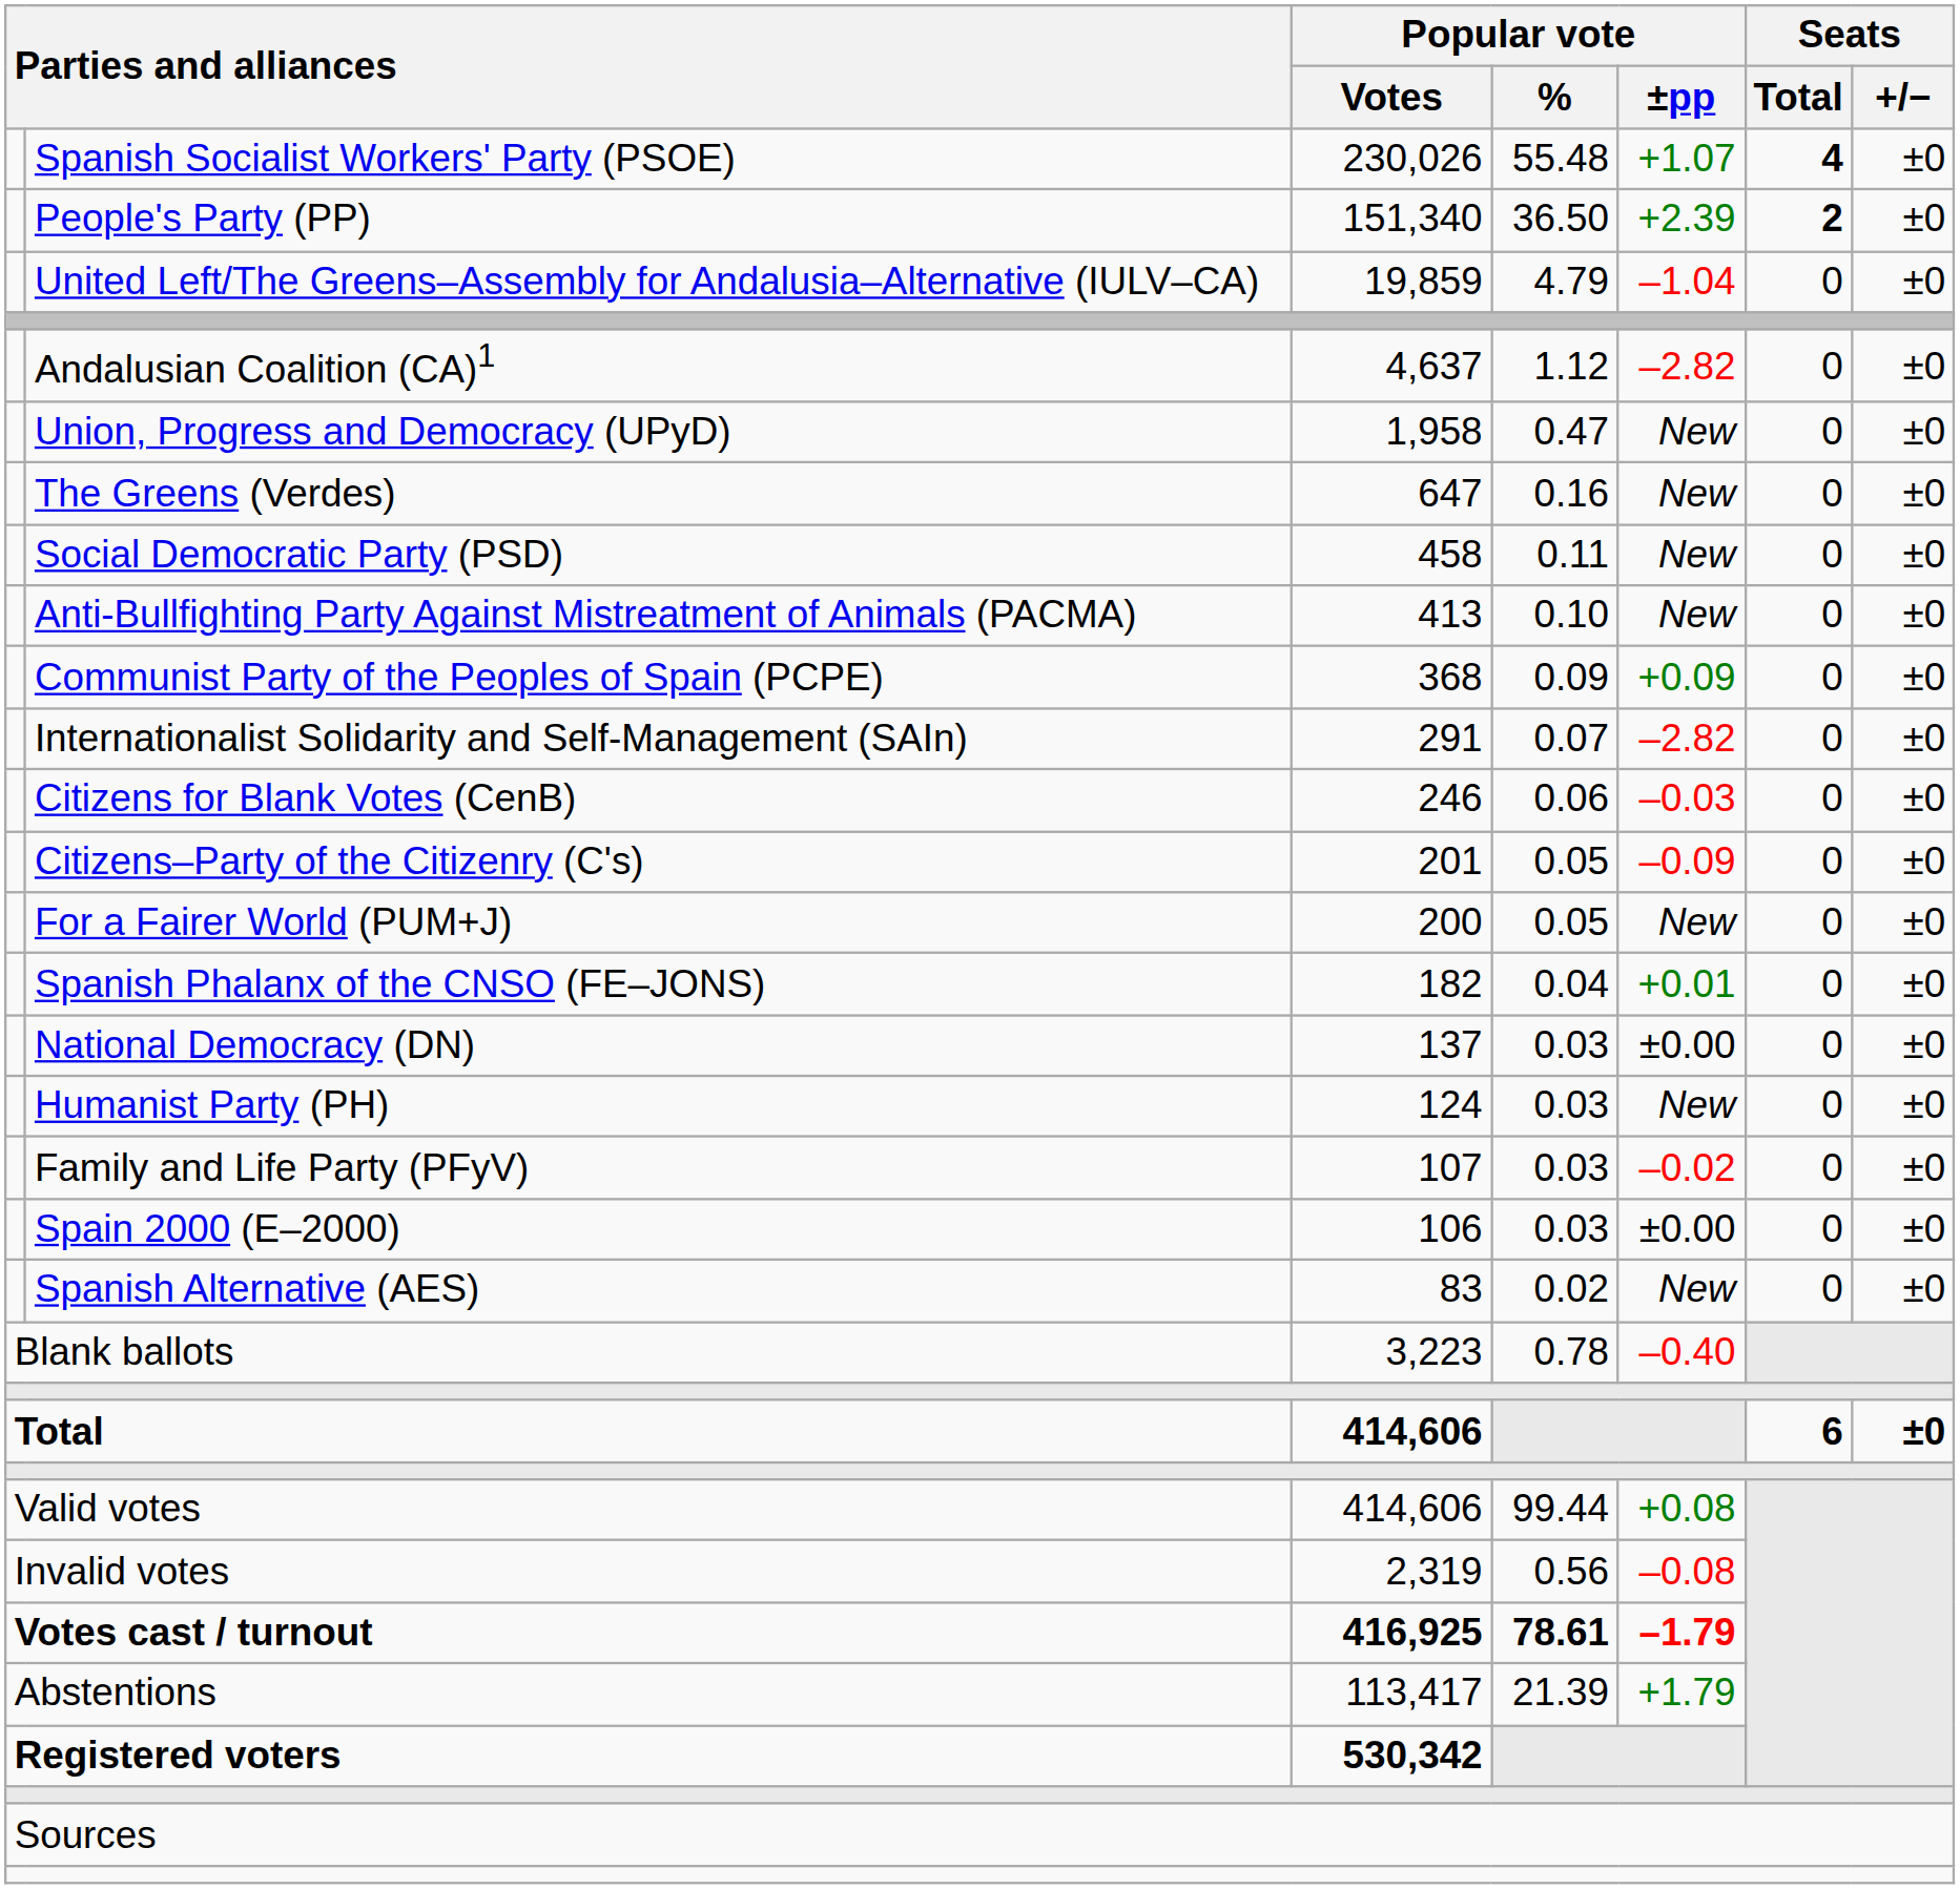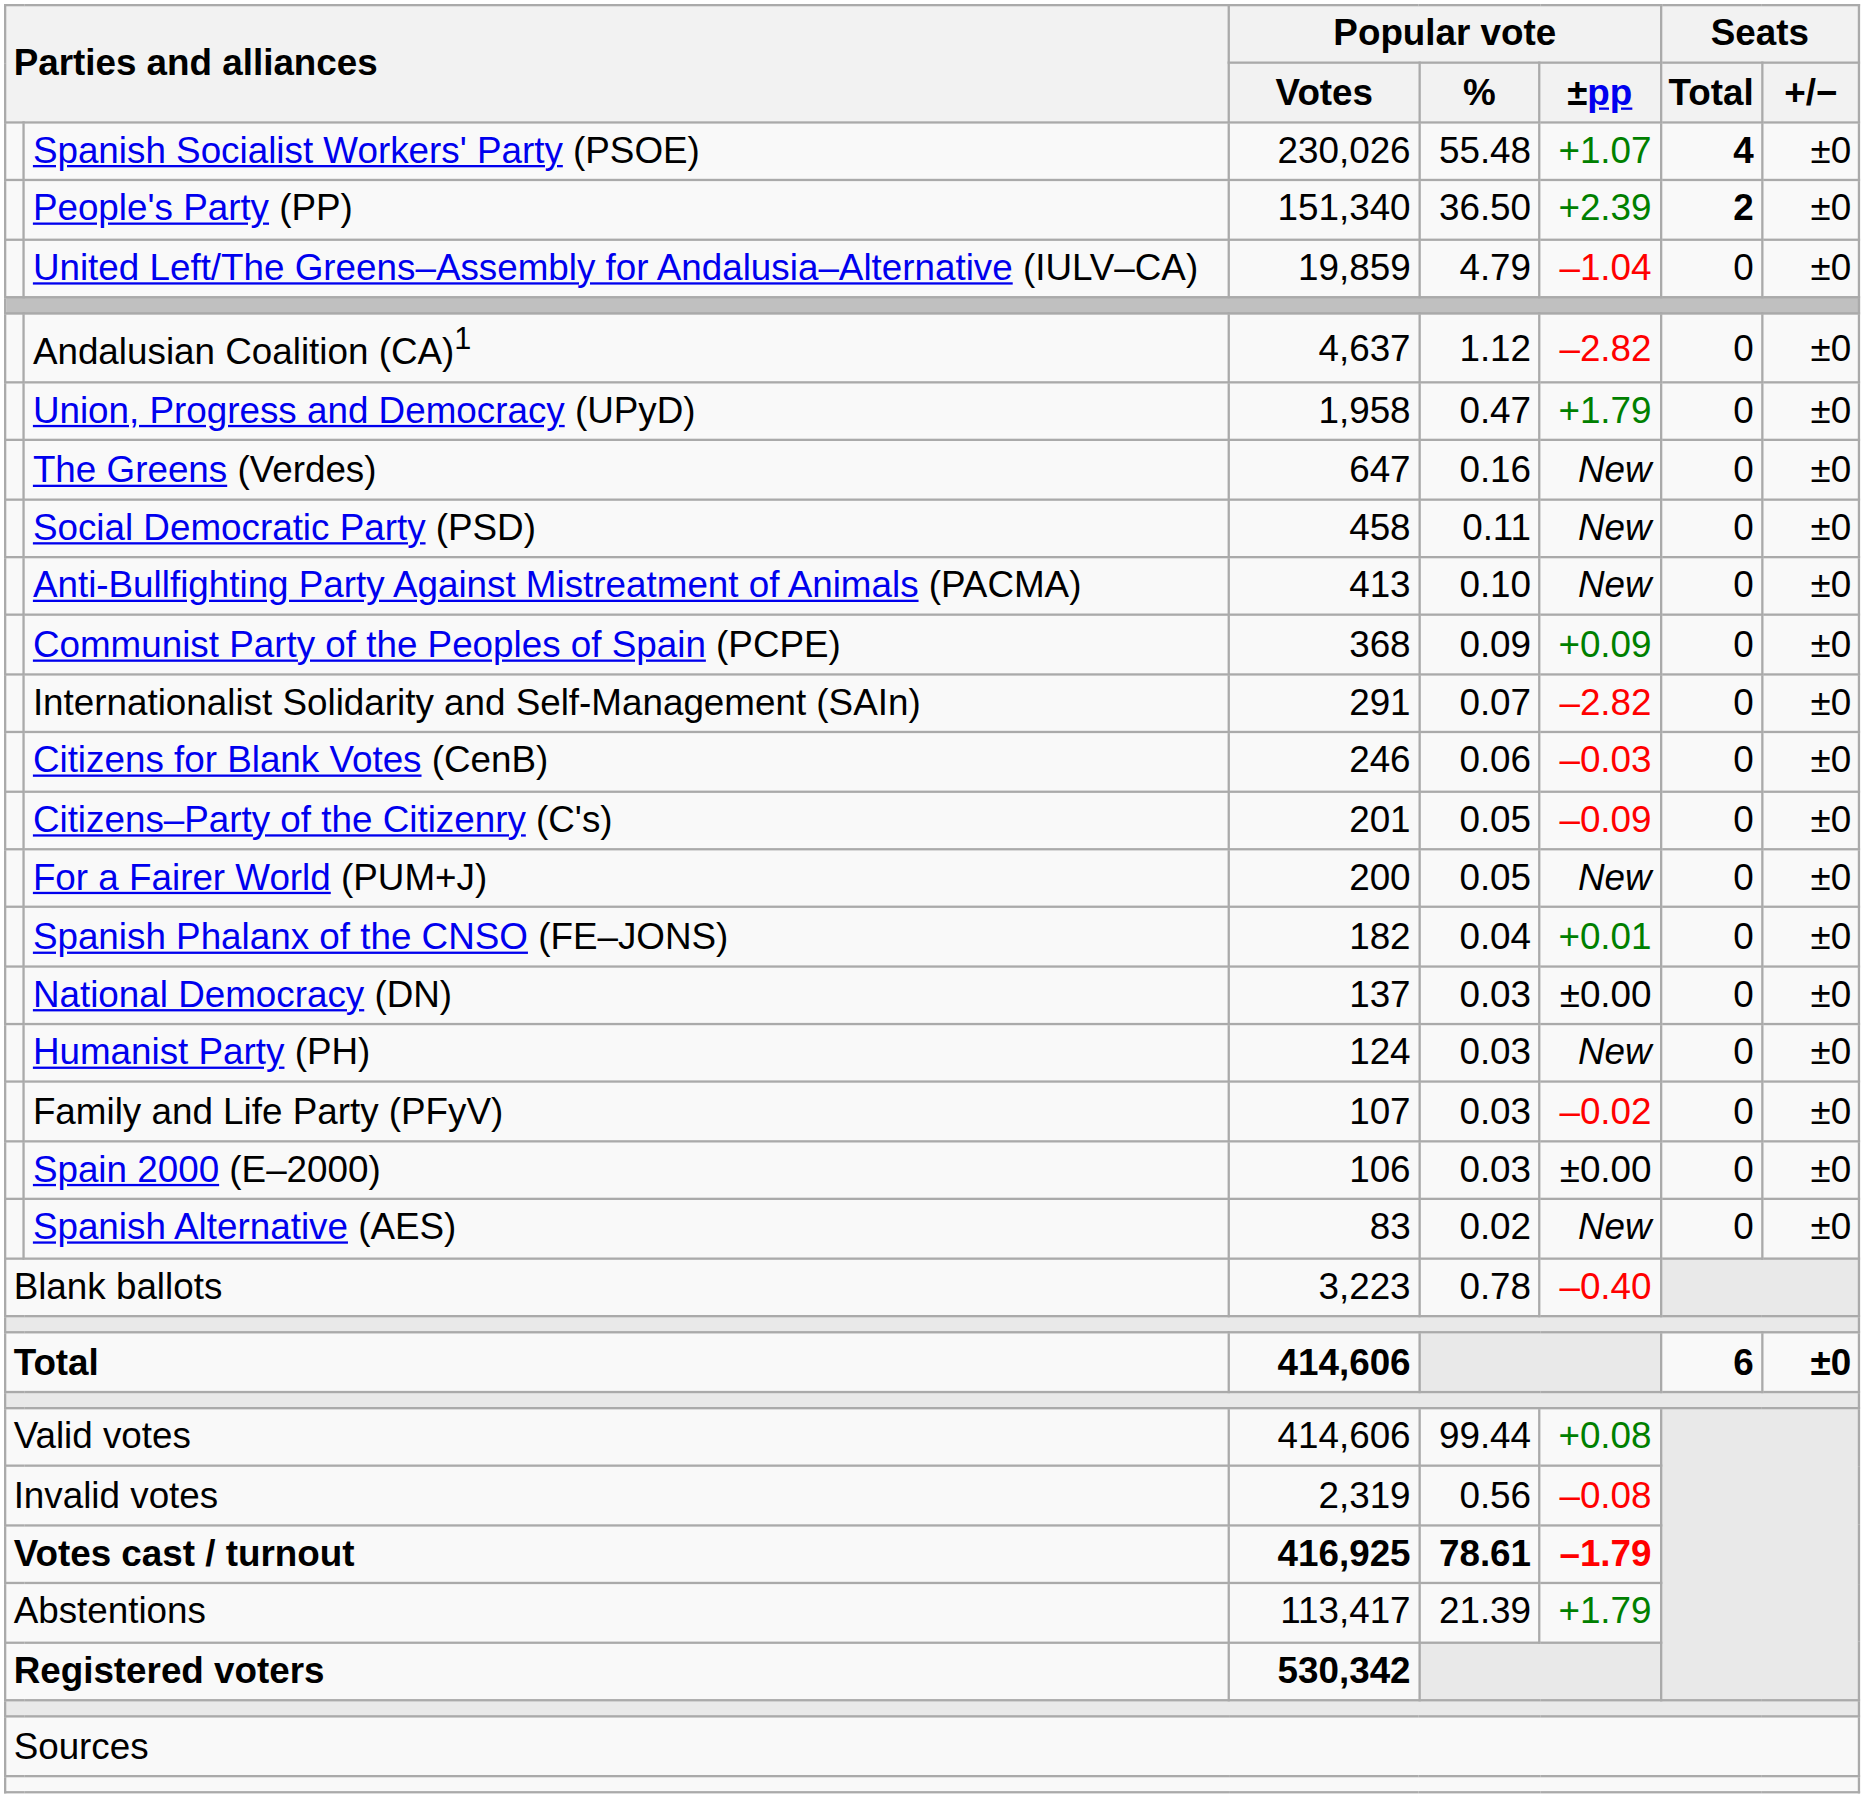 <table class="wikitable" style="text-align:right;">
 <tr>
 <th style="text-align:left;" rowspan="2" colspan="2" width="525">Parties and alliances</th>
 <th colspan="3">Popular vote</th>
 <th colspan="2">Seats</th>
 </tr>
 <tr>
 <th width="75">Votes</th>
 <th width="45">%</th>
 <th width="45">±<a href='#'>pp</a></th>
 <th width="35">Total</th>
 <th width="35">+/−</th>
 </tr>
 <tr>
 <td width="1" style="color:inherit;background:"></td>
 <td align="left"><a href='#'>Spanish Socialist Workers' Party</a> (PSOE)</td>
 <td>230,026</td>
 <td>55.48</td>
 <td style="color:green;">+1.07</td>
 <td><strong>4</strong></td>
 <td>±0</td>
 </tr>
 <tr>
 <td style="color:inherit;background:"></td>
 <td align="left"><a href='#'>People's Party</a> (PP)</td>
 <td>151,340</td>
 <td>36.50</td>
 <td style="color:green;">+2.39</td>
 <td><strong>2</strong></td>
 <td>±0</td>
 </tr>
 <tr>
 <td style="color:inherit;background:"></td>
 <td align="left"><a href='#'>United Left/The Greens–Assembly for Andalusia–Alternative</a> (IULV–CA)</td>
 <td>19,859</td>
 <td>4.79</td>
 <td style="color:red;">–1.04</td>
 <td>0</td>
 <td>±0</td>
 </tr>
 <tr>
 <td colspan="7" bgcolor="#C0C0C0"></td>
 </tr>
 <tr>
 <td style="color:inherit;background:"></td>
 <td align="left">Andalusian Coalition (CA)<sup>1</sup></td>
 <td>4,637</td>
 <td>1.12</td>
 <td style="color:red;">–2.82</td>
 <td>0</td>
 <td>±0</td>
 </tr>
 <tr>
 <td style="color:inherit;background:"></td>
 <td align="left"><a href='#'>Union, Progress and Democracy</a> (UPyD)</td>
 <td>1,958</td>
 <td>0.47</td>
-<td><em>New</em></td>
+<td style="color:green;">+1.79</td>
 <td>0</td>
 <td>±0</td>
 </tr>
 <tr>
 <td style="color:inherit;background:"></td>
 <td align="left"><a href='#'>The Greens</a> (Verdes)</td>
 <td>647</td>
 <td>0.16</td>
 <td><em>New</em></td>
 <td>0</td>
 <td>±0</td>
 </tr>
 <tr>
 <td style="color:inherit;background:"></td>
 <td align="left"><a href='#'>Social Democratic Party</a> (PSD)</td>
 <td>458</td>
 <td>0.11</td>
 <td><em>New</em></td>
 <td>0</td>
 <td>±0</td>
 </tr>
 <tr>
 <td style="color:inherit;background:"></td>
 <td align="left"><a href='#'>Anti-Bullfighting Party Against Mistreatment of Animals</a> (PACMA)</td>
 <td>413</td>
 <td>0.10</td>
 <td><em>New</em></td>
 <td>0</td>
 <td>±0</td>
 </tr>
 <tr>
 <td style="color:inherit;background:"></td>
 <td align="left"><a href='#'>Communist Party of the Peoples of Spain</a> (PCPE)</td>
 <td>368</td>
 <td>0.09</td>
 <td style="color:green;">+0.09</td>
 <td>0</td>
 <td>±0</td>
 </tr>
 <tr>
 <td style="color:inherit;background:"></td>
 <td align="left">Internationalist Solidarity and Self-Management (SAIn)</td>
 <td>291</td>
 <td>0.07</td>
 <td style="color:red;">–2.82</td>
 <td>0</td>
 <td>±0</td>
 </tr>
 <tr>
 <td style="color:inherit;background:"></td>
 <td align="left"><a href='#'>Citizens for Blank Votes</a> (CenB)</td>
 <td>246</td>
 <td>0.06</td>
 <td style="color:red;">–0.03</td>
 <td>0</td>
 <td>±0</td>
 </tr>
 <tr>
 <td style="color:inherit;background:"></td>
 <td align="left"><a href='#'>Citizens–Party of the Citizenry</a> (C's)</td>
 <td>201</td>
 <td>0.05</td>
 <td style="color:red;">–0.09</td>
 <td>0</td>
 <td>±0</td>
 </tr>
 <tr>
 <td style="color:inherit;background:"></td>
 <td align="left"><a href='#'>For a Fairer World</a> (PUM+J)</td>
 <td>200</td>
 <td>0.05</td>
 <td><em>New</em></td>
 <td>0</td>
 <td>±0</td>
 </tr>
 <tr>
 <td style="color:inherit;background:"></td>
 <td align="left"><a href='#'>Spanish Phalanx of the CNSO</a> (FE–JONS)</td>
 <td>182</td>
 <td>0.04</td>
 <td style="color:green;">+0.01</td>
 <td>0</td>
 <td>±0</td>
 </tr>
 <tr>
 <td style="color:inherit;background:"></td>
 <td align="left"><a href='#'>National Democracy</a> (DN)</td>
 <td>137</td>
 <td>0.03</td>
 <td>±0.00</td>
 <td>0</td>
 <td>±0</td>
 </tr>
 <tr>
 <td style="color:inherit;background:"></td>
 <td align="left"><a href='#'>Humanist Party</a> (PH)</td>
 <td>124</td>
 <td>0.03</td>
 <td><em>New</em></td>
 <td>0</td>
 <td>±0</td>
 </tr>
 <tr>
 <td style="color:inherit;background:"></td>
 <td align="left">Family and Life Party (PFyV)</td>
 <td>107</td>
 <td>0.03</td>
 <td style="color:red;">–0.02</td>
 <td>0</td>
 <td>±0</td>
 </tr>
 <tr>
 <td style="color:inherit;background:"></td>
 <td align="left"><a href='#'>Spain 2000</a> (E–2000)</td>
 <td>106</td>
 <td>0.03</td>
 <td>±0.00</td>
 <td>0</td>
 <td>±0</td>
 </tr>
 <tr>
 <td style="color:inherit;background:"></td>
 <td align="left"><a href='#'>Spanish Alternative</a> (AES)</td>
 <td>83</td>
 <td>0.02</td>
 <td><em>New</em></td>
 <td>0</td>
 <td>±0</td>
 </tr>
 <tr>
 <td align="left" colspan="2">Blank ballots</td>
 <td>3,223</td>
 <td>0.78</td>
 <td style="color:red;">–0.40</td>
 <td bgcolor="#E9E9E9" colspan="2"></td>
 </tr>
 <tr>
 <td colspan="7" bgcolor="#E9E9E9"></td>
 </tr>
 <tr style="font-weight:bold;">
 <td align="left" colspan="2">Total</td>
 <td>414,606</td>
 <td bgcolor="#E9E9E9" colspan="2"></td>
 <td>6</td>
 <td>±0</td>
 </tr>
 <tr>
 <td colspan="7" bgcolor="#E9E9E9"></td>
 </tr>
 <tr>
 <td align="left" colspan="2">Valid votes</td>
 <td>414,606</td>
 <td>99.44</td>
 <td style="color:green;">+0.08</td>
 <td bgcolor="#E9E9E9" colspan="2" rowspan="5"></td>
 </tr>
 <tr>
 <td align="left" colspan="2">Invalid votes</td>
 <td>2,319</td>
 <td>0.56</td>
 <td style="color:red;">–0.08</td>
 </tr>
 <tr style="font-weight:bold;">
 <td align="left" colspan="2">Votes cast / turnout</td>
 <td>416,925</td>
 <td>78.61</td>
 <td style="color:red;">–1.79</td>
 </tr>
 <tr>
 <td align="left" colspan="2">Abstentions</td>
 <td>113,417</td>
 <td>21.39</td>
 <td style="color:green;">+1.79</td>
 </tr>
 <tr style="font-weight:bold;">
 <td align="left" colspan="2">Registered voters</td>
 <td>530,342</td>
 <td bgcolor="#E9E9E9" colspan="2"></td>
 </tr>
 <tr>
 <td colspan="7" bgcolor="#E9E9E9"></td>
 </tr>
 <tr>
 <td align="left" colspan="7">Sources</td>
 </tr>
 <tr>
 <td colspan="7" style="text-align:left; max-width:790px;"></td>
 </tr>
 </table>
